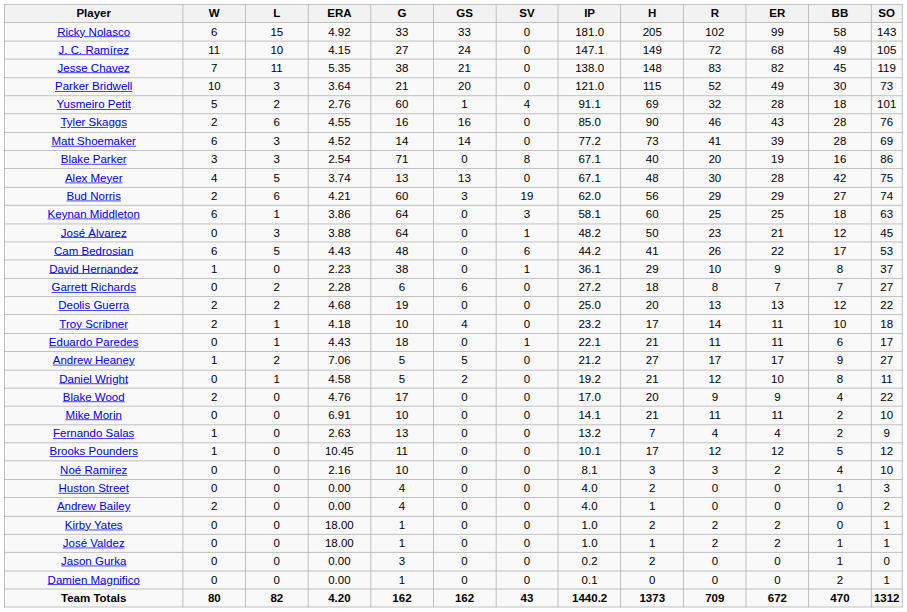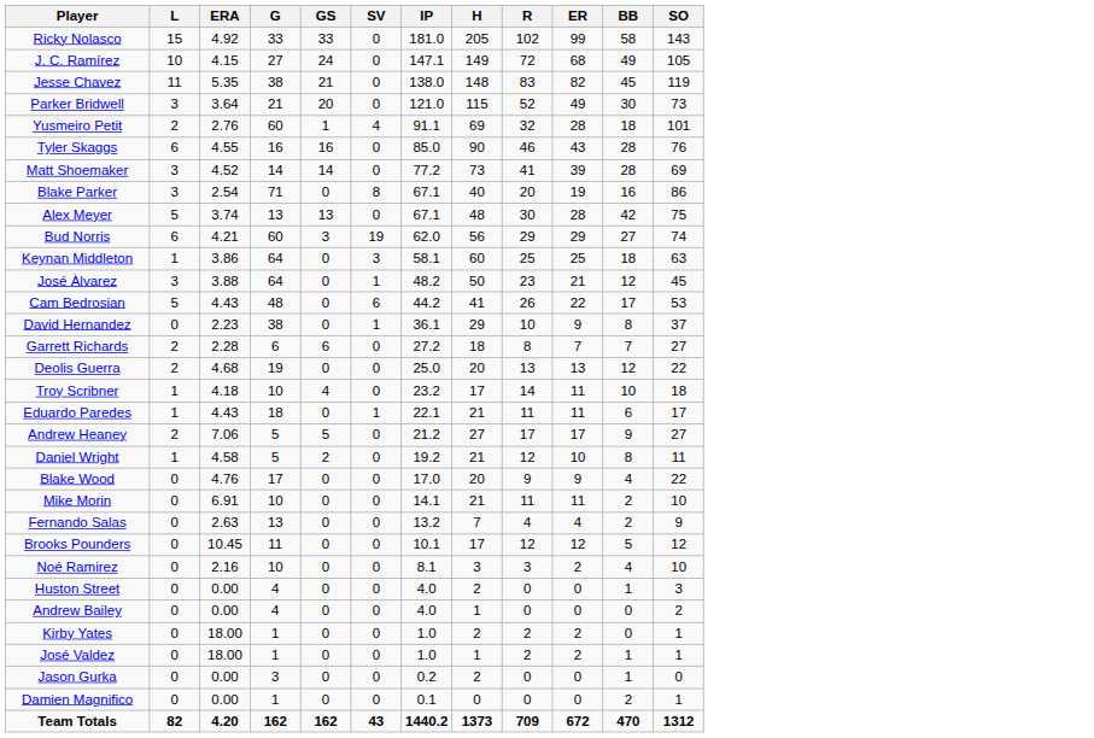 <table class=wikitable style="text-align:center">
 <tr>
 <th bgcolor=#DDDDFF; width="20%">Player</th>
-<th bgcolor=#DDDDFF; width="7%">W</th>
 <th bgcolor=#DDDDFF; width="7%">L</th>
 <th bgcolor=#DDDDFF; width="7%">ERA</th>
 <th bgcolor=#DDDDFF; width="7%">G</th>
 <th bgcolor=#DDDDFF; width="7%">GS</th>
 <th bgcolor=#DDDDFF; width="7%'">SV</th>
 <th bgcolor=#DDDDFF; width="7%">IP</th>
 <th bgcolor=#DDDDFF; width="7%">H</th>
 <th bgcolor=#DDDDFF; width="7%">R</th>
 <th bgcolor=#DDDDFF; width="7%">ER</th>
 <th bgcolor=#DDDDFF; width="7%">BB</th>
 <th bgcolor=#DDDDFF; width="7%">SO</th>
 </tr>
 <tr>
 <td><a href='#'>Ricky Nolasco</a></td>
-<td>6</td>
 <td>15</td>
 <td>4.92</td>
 <td>33</td>
 <td>33</td>
 <td>0</td>
 <td>181.0</td>
 <td>205</td>
 <td>102</td>
 <td>99</td>
 <td>58</td>
 <td>143</td>
 </tr>
 <tr>
 <td><a href='#'>J. C. Ramírez</a></td>
-<td>11</td>
 <td>10</td>
 <td>4.15</td>
 <td>27</td>
 <td>24</td>
 <td>0</td>
 <td>147.1</td>
 <td>149</td>
 <td>72</td>
 <td>68</td>
 <td>49</td>
 <td>105</td>
 </tr>
 <tr>
 <td><a href='#'>Jesse Chavez</a></td>
-<td>7</td>
 <td>11</td>
 <td>5.35</td>
 <td>38</td>
 <td>21</td>
 <td>0</td>
 <td>138.0</td>
 <td>148</td>
 <td>83</td>
 <td>82</td>
 <td>45</td>
 <td>119</td>
 </tr>
 <tr>
 <td><a href='#'>Parker Bridwell</a></td>
-<td>10</td>
 <td>3</td>
 <td>3.64</td>
 <td>21</td>
 <td>20</td>
 <td>0</td>
 <td>121.0</td>
 <td>115</td>
 <td>52</td>
 <td>49</td>
 <td>30</td>
 <td>73</td>
 </tr>
 <tr>
 <td><a href='#'>Yusmeiro Petit</a></td>
-<td>5</td>
 <td>2</td>
 <td>2.76</td>
 <td>60</td>
 <td>1</td>
 <td>4</td>
 <td>91.1</td>
 <td>69</td>
 <td>32</td>
 <td>28</td>
 <td>18</td>
 <td>101</td>
 </tr>
 <tr>
 <td><a href='#'>Tyler Skaggs</a></td>
-<td>2</td>
 <td>6</td>
 <td>4.55</td>
 <td>16</td>
 <td>16</td>
 <td>0</td>
 <td>85.0</td>
 <td>90</td>
 <td>46</td>
 <td>43</td>
 <td>28</td>
 <td>76</td>
 </tr>
 <tr>
 <td><a href='#'>Matt Shoemaker</a></td>
-<td>6</td>
 <td>3</td>
 <td>4.52</td>
 <td>14</td>
 <td>14</td>
 <td>0</td>
 <td>77.2</td>
 <td>73</td>
 <td>41</td>
 <td>39</td>
 <td>28</td>
 <td>69</td>
 </tr>
 <tr>
 <td><a href='#'>Blake Parker</a></td>
 <td>3</td>
-<td>3</td>
 <td>2.54</td>
 <td>71</td>
 <td>0</td>
 <td>8</td>
 <td>67.1</td>
 <td>40</td>
 <td>20</td>
 <td>19</td>
 <td>16</td>
 <td>86</td>
 </tr>
 <tr>
 <td><a href='#'>Alex Meyer</a></td>
-<td>4</td>
 <td>5</td>
 <td>3.74</td>
 <td>13</td>
 <td>13</td>
 <td>0</td>
 <td>67.1</td>
 <td>48</td>
 <td>30</td>
 <td>28</td>
 <td>42</td>
 <td>75</td>
 </tr>
 <tr>
 <td><a href='#'>Bud Norris</a></td>
-<td>2</td>
 <td>6</td>
 <td>4.21</td>
 <td>60</td>
 <td>3</td>
 <td>19</td>
 <td>62.0</td>
 <td>56</td>
 <td>29</td>
 <td>29</td>
 <td>27</td>
 <td>74</td>
 </tr>
 <tr>
 <td><a href='#'>Keynan Middleton</a></td>
-<td>6</td>
 <td>1</td>
 <td>3.86</td>
 <td>64</td>
 <td>0</td>
 <td>3</td>
 <td>58.1</td>
 <td>60</td>
 <td>25</td>
 <td>25</td>
 <td>18</td>
 <td>63</td>
 </tr>
 <tr>
 <td><a href='#'>José Àlvarez</a></td>
-<td>0</td>
 <td>3</td>
 <td>3.88</td>
 <td>64</td>
 <td>0</td>
 <td>1</td>
 <td>48.2</td>
 <td>50</td>
 <td>23</td>
 <td>21</td>
 <td>12</td>
 <td>45</td>
 </tr>
 <tr>
 <td><a href='#'>Cam Bedrosian</a></td>
-<td>6</td>
 <td>5</td>
 <td>4.43</td>
 <td>48</td>
 <td>0</td>
 <td>6</td>
 <td>44.2</td>
 <td>41</td>
 <td>26</td>
 <td>22</td>
 <td>17</td>
 <td>53</td>
 </tr>
 <tr>
 <td><a href='#'>David Hernandez</a></td>
-<td>1</td>
 <td>0</td>
 <td>2.23</td>
 <td>38</td>
 <td>0</td>
 <td>1</td>
 <td>36.1</td>
 <td>29</td>
 <td>10</td>
 <td>9</td>
 <td>8</td>
 <td>37</td>
 </tr>
 <tr>
 <td><a href='#'>Garrett Richards</a></td>
-<td>0</td>
 <td>2</td>
 <td>2.28</td>
 <td>6</td>
 <td>6</td>
 <td>0</td>
 <td>27.2</td>
 <td>18</td>
 <td>8</td>
 <td>7</td>
 <td>7</td>
 <td>27</td>
 </tr>
 <tr>
 <td><a href='#'>Deolis Guerra</a></td>
 <td>2</td>
-<td>2</td>
 <td>4.68</td>
 <td>19</td>
 <td>0</td>
 <td>0</td>
 <td>25.0</td>
 <td>20</td>
 <td>13</td>
 <td>13</td>
 <td>12</td>
 <td>22</td>
 </tr>
 <tr>
 <td><a href='#'>Troy Scribner</a></td>
-<td>2</td>
 <td>1</td>
 <td>4.18</td>
 <td>10</td>
 <td>4</td>
 <td>0</td>
 <td>23.2</td>
 <td>17</td>
 <td>14</td>
 <td>11</td>
 <td>10</td>
 <td>18</td>
 </tr>
 <tr>
 <td><a href='#'>Eduardo Paredes</a></td>
-<td>0</td>
 <td>1</td>
 <td>4.43</td>
 <td>18</td>
 <td>0</td>
 <td>1</td>
 <td>22.1</td>
 <td>21</td>
 <td>11</td>
 <td>11</td>
 <td>6</td>
 <td>17</td>
 </tr>
 <tr>
 <td><a href='#'>Andrew Heaney</a></td>
-<td>1</td>
 <td>2</td>
 <td>7.06</td>
 <td>5</td>
 <td>5</td>
 <td>0</td>
 <td>21.2</td>
 <td>27</td>
 <td>17</td>
 <td>17</td>
 <td>9</td>
 <td>27</td>
 </tr>
 <tr>
 <td><a href='#'>Daniel Wright</a></td>
-<td>0</td>
 <td>1</td>
 <td>4.58</td>
 <td>5</td>
 <td>2</td>
 <td>0</td>
 <td>19.2</td>
 <td>21</td>
 <td>12</td>
 <td>10</td>
 <td>8</td>
 <td>11</td>
 </tr>
 <tr>
 <td><a href='#'>Blake Wood</a></td>
-<td>2</td>
 <td>0</td>
 <td>4.76</td>
 <td>17</td>
 <td>0</td>
 <td>0</td>
 <td>17.0</td>
 <td>20</td>
 <td>9</td>
 <td>9</td>
 <td>4</td>
 <td>22</td>
 </tr>
 <tr>
 <td><a href='#'>Mike Morin</a></td>
 <td>0</td>
-<td>0</td>
 <td>6.91</td>
 <td>10</td>
 <td>0</td>
 <td>0</td>
 <td>14.1</td>
 <td>21</td>
 <td>11</td>
 <td>11</td>
 <td>2</td>
 <td>10</td>
 </tr>
 <tr>
 <td><a href='#'>Fernando Salas</a></td>
-<td>1</td>
 <td>0</td>
 <td>2.63</td>
 <td>13</td>
 <td>0</td>
 <td>0</td>
 <td>13.2</td>
 <td>7</td>
 <td>4</td>
 <td>4</td>
 <td>2</td>
 <td>9</td>
 </tr>
 <tr>
 <td><a href='#'>Brooks Pounders</a></td>
-<td>1</td>
 <td>0</td>
 <td>10.45</td>
 <td>11</td>
 <td>0</td>
 <td>0</td>
 <td>10.1</td>
 <td>17</td>
 <td>12</td>
 <td>12</td>
 <td>5</td>
 <td>12</td>
 </tr>
 <tr>
 <td><a href='#'>Noé Ramirez</a></td>
 <td>0</td>
-<td>0</td>
 <td>2.16</td>
 <td>10</td>
 <td>0</td>
 <td>0</td>
 <td>8.1</td>
 <td>3</td>
 <td>3</td>
 <td>2</td>
 <td>4</td>
 <td>10</td>
 </tr>
 <tr>
 <td><a href='#'>Huston Street</a></td>
 <td>0</td>
-<td>0</td>
 <td>0.00</td>
 <td>4</td>
 <td>0</td>
 <td>0</td>
 <td>4.0</td>
 <td>2</td>
 <td>0</td>
 <td>0</td>
 <td>1</td>
 <td>3</td>
 </tr>
 <tr>
 <td><a href='#'>Andrew Bailey</a></td>
-<td>2</td>
 <td>0</td>
 <td>0.00</td>
 <td>4</td>
 <td>0</td>
 <td>0</td>
 <td>4.0</td>
 <td>1</td>
 <td>0</td>
 <td>0</td>
 <td>0</td>
 <td>2</td>
 </tr>
 <tr>
 <td><a href='#'>Kirby Yates</a></td>
 <td>0</td>
-<td>0</td>
 <td>18.00</td>
 <td>1</td>
 <td>0</td>
 <td>0</td>
 <td>1.0</td>
 <td>2</td>
 <td>2</td>
 <td>2</td>
 <td>0</td>
 <td>1</td>
 </tr>
 <tr>
 <td><a href='#'>José Valdez</a></td>
-<td>0</td>
 <td>0</td>
 <td>18.00</td>
 <td>1</td>
 <td>0</td>
 <td>0</td>
 <td>1.0</td>
 <td>1</td>
 <td>2</td>
 <td>2</td>
 <td>1</td>
 <td>1</td>
 </tr>
 <tr>
 <td><a href='#'>Jason Gurka</a></td>
 <td>0</td>
-<td>0</td>
 <td>0.00</td>
 <td>3</td>
 <td>0</td>
 <td>0</td>
 <td>0.2</td>
 <td>2</td>
 <td>0</td>
 <td>0</td>
 <td>1</td>
 <td>0</td>
 </tr>
 <tr>
 <td><a href='#'>Damien Magnifico</a></td>
 <td>0</td>
-<td>0</td>
 <td>0.00</td>
 <td>1</td>
 <td>0</td>
 <td>0</td>
 <td>0.1</td>
 <td>0</td>
 <td>0</td>
 <td>0</td>
 <td>2</td>
 <td>1</td>
 </tr>
 <tr>
 <td><strong>Team Totals</strong></td>
-<td><strong>80</strong></td>
 <td><strong>82</strong></td>
 <td><strong>4.20</strong></td>
 <td><strong>162</strong></td>
 <td><strong>162</strong></td>
 <td><strong>43</strong></td>
 <td><strong>1440.2</strong></td>
 <td><strong>1373</strong></td>
 <td><strong>709</strong></td>
 <td><strong>672</strong></td>
 <td><strong>470</strong></td>
 <td><strong>1312</strong></td>
 </tr>
 </table>
